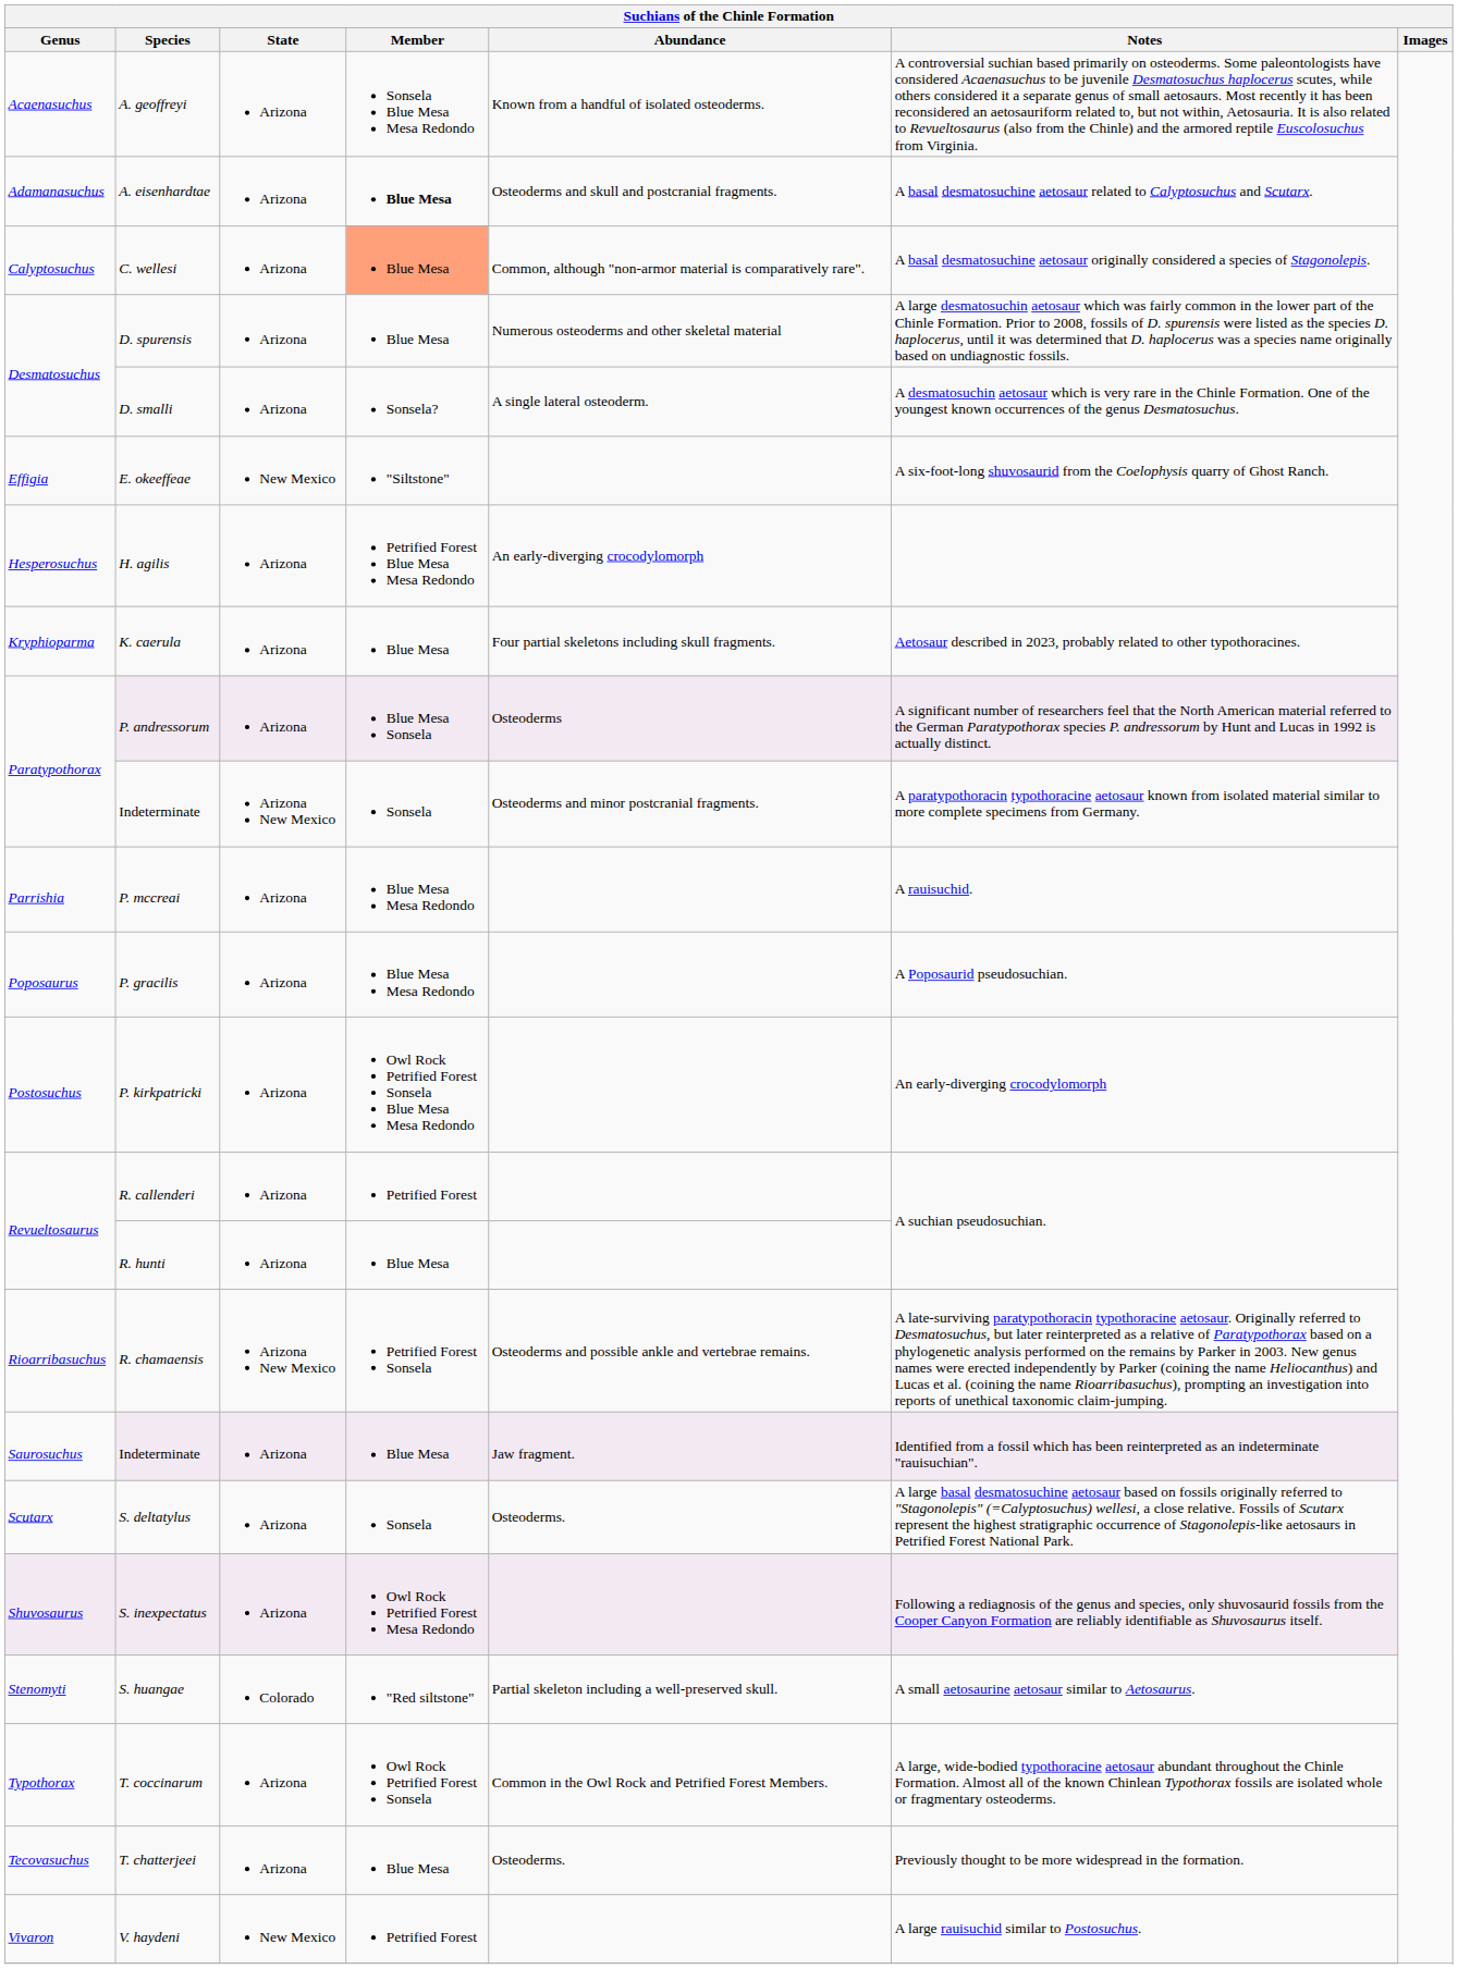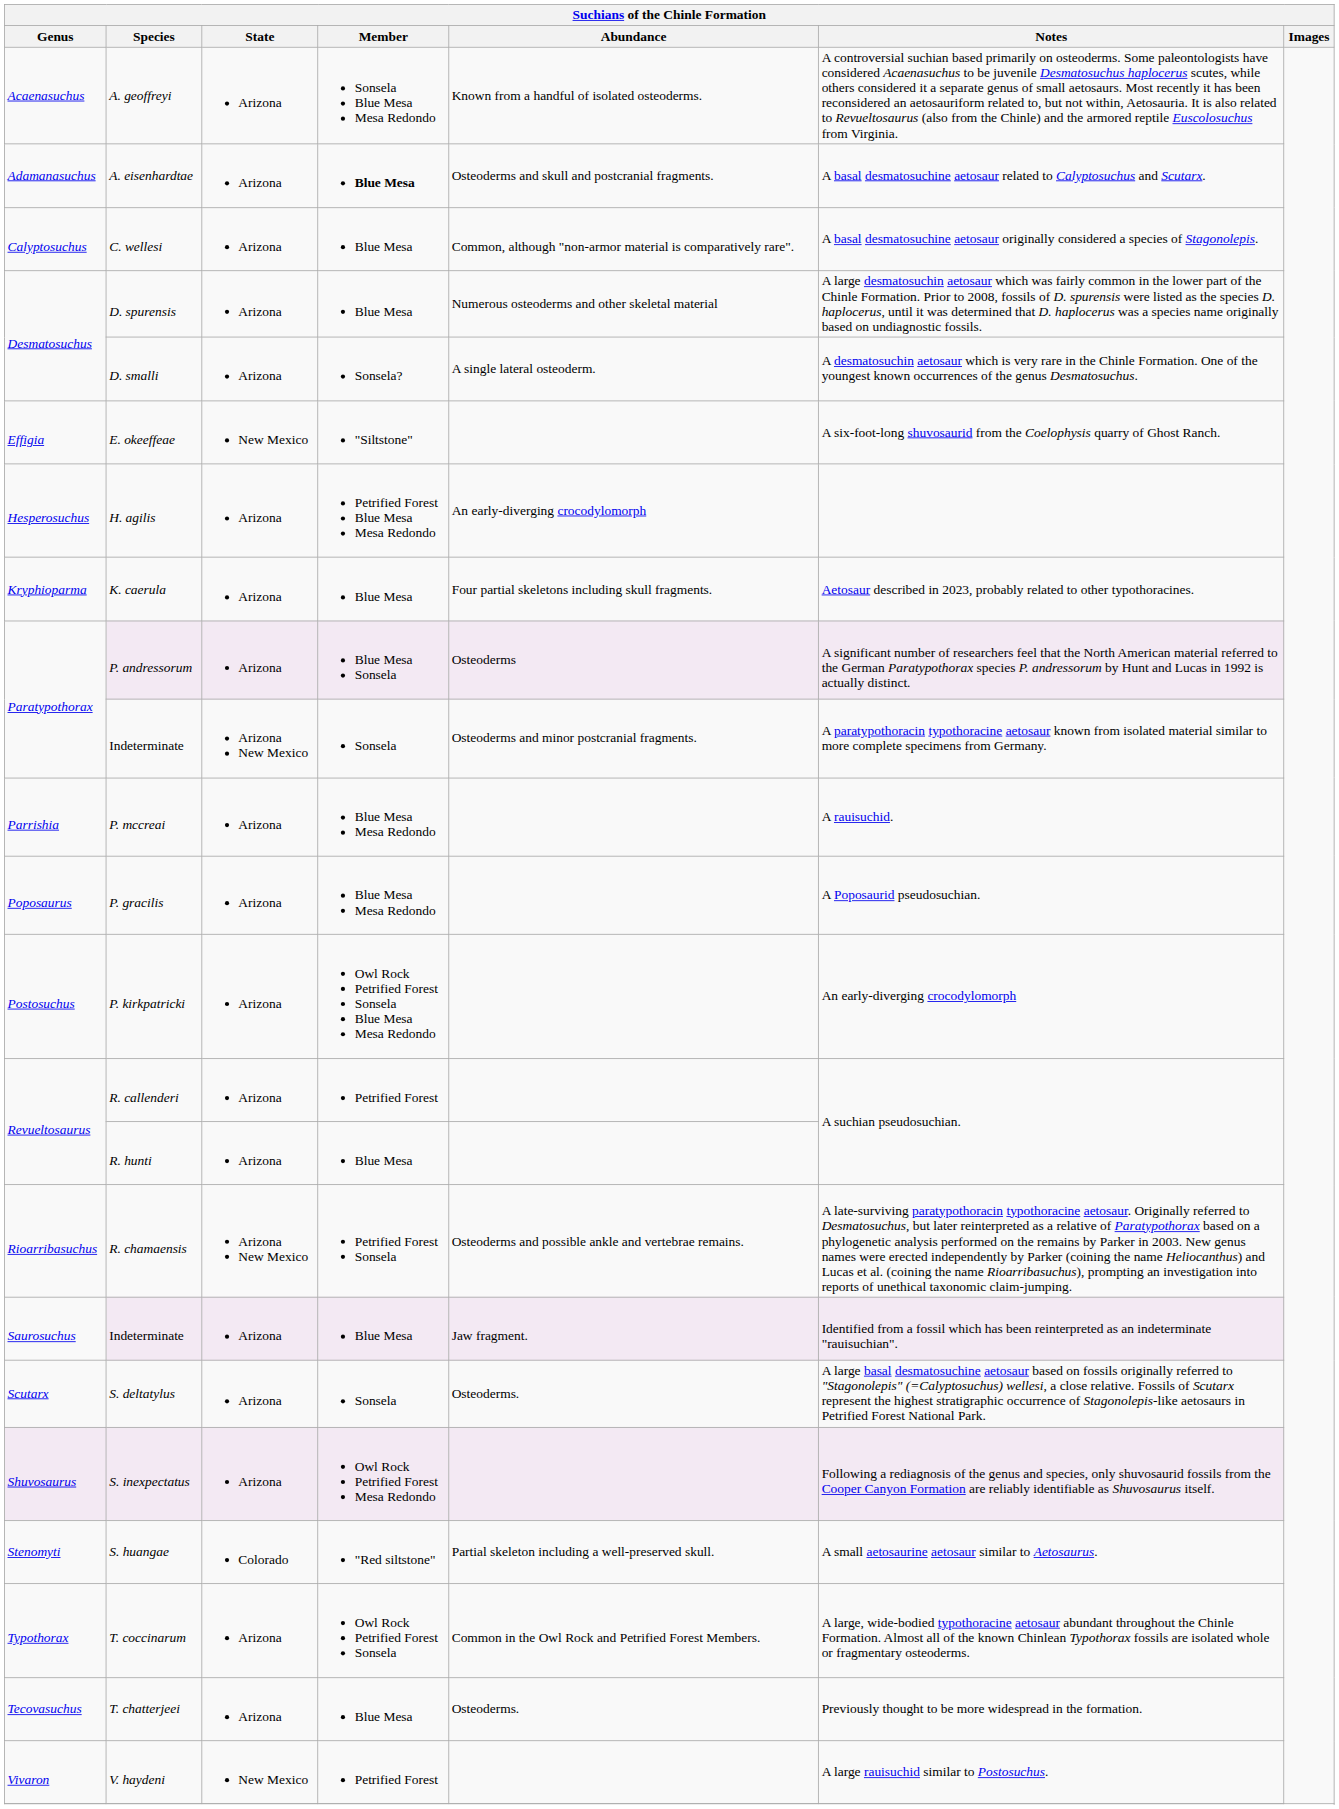 <table class="wikitable" align="center" width="100%">
 <tr>
 <th colspan="7" align="center"><strong><a href='#'>Suchians</a> of the Chinle Formation</strong></th>
 </tr>
 <tr>
 <th>Genus</th>
 <th>Species</th>
 <th>State</th>
 <th>Member</th>
 <th>Abundance</th>
 <th width="35%">Notes</th>
 <th>Images</th>
 </tr>
 <tr>
 <td><em><a href='#'>Acaenasuchus</a></em></td>
 <td><em>A. geoffreyi</em></td>
 <td><br><ul><li>Arizona</li></ul></td>
 <td><br><ul><li>Sonsela</li><li>Blue Mesa</li><li>Mesa Redondo</li></ul></td>
 <td>Known from a handful of isolated osteoderms.</td>
 <td>A controversial suchian based primarily on osteoderms. Some paleontologists have considered <em>Acaenasuchus</em> to be juvenile <em><a href='#'>Desmatosuchus haplocerus</a></em> scutes, while others considered it a separate genus of small aetosaurs. Most recently it has been reconsidered an aetosauriform related to, but not within, Aetosauria. It is also related to <em>Revueltosaurus</em> (also from the Chinle) and the armored reptile <em><a href='#'>Euscolosuchus</a></em> from Virginia.</td>
 <td rowspan="102"><br>      </td>
 </tr>
 <tr>
 <td><em><a href='#'>Adamanasuchus</a></em></td>
 <td><em>A. eisenhardtae</em></td>
 <td><br><ul><li>Arizona</li></ul></td>
 <td><strong><br><ul><li>Blue Mesa</li></ul></strong></td>
 <td>Osteoderms and skull and postcranial fragments.</td>
 <td>A <a href='#'>basal</a> <a href='#'>desmatosuchine</a> <a href='#'>aetosaur</a> related to <em><a href='#'>Calyptosuchus</a></em> and <em><a href='#'>Scutarx</a></em>.</td>
 </tr>
 <tr>
 <td><br><em><a href='#'>Calyptosuchus</a></em></td>
 <td><br><em>C. wellesi</em></td>
 <td><br><ul><li>Arizona</li></ul></td>
-<td style="background: lightsalmon;"><br><ul><li>Blue Mesa</li></ul></td>
+<td><br><ul><li>Blue Mesa</li></ul></td>
 <td><br>Common, although "non-armor material is comparatively rare".</td>
 <td>A <a href='#'>basal</a> <a href='#'>desmatosuchine</a> <a href='#'>aetosaur</a> originally considered a species of <em><a href='#'>Stagonolepis</a></em>.</td>
 </tr>
 <tr>
 <td rowspan="2"><br><em><a href='#'>Desmatosuchus</a></em></td>
 <td><br><em>D. spurensis</em></td>
 <td><br><ul><li>Arizona</li></ul></td>
 <td><br><ul><li>Blue Mesa</li></ul></td>
 <td>Numerous osteoderms and other skeletal material</td>
 <td>A large <a href='#'>desmatosuchin</a> <a href='#'>aetosaur</a> which was fairly common in the lower part of the Chinle Formation. Prior to 2008, fossils of <em>D. spurensis</em> were listed as the species <em>D. haplocerus</em>, until it was determined that <em>D. haplocerus</em> was a species name originally based on undiagnostic fossils.</td>
 </tr>
 <tr>
 <td><br><em>D. smalli</em></td>
 <td><br><ul><li>Arizona</li></ul></td>
 <td><br><ul><li>Sonsela?</li></ul></td>
 <td>A single lateral osteoderm.</td>
 <td>A <a href='#'>desmatosuchin</a> <a href='#'>aetosaur</a> which is very rare in the Chinle Formation. One of the youngest known occurrences of the genus <em>Desmatosuchus</em>.</td>
 </tr>
 <tr>
 <td><br><em><a href='#'>Effigia</a></em></td>
 <td><br><em>E. okeeffeae</em></td>
 <td><br><ul><li>New Mexico</li></ul></td>
 <td><br><ul><li>"Siltstone"</li></ul></td>
 <td></td>
 <td>A six-foot-long <a href='#'>shuvosaurid</a> from the <em>Coelophysis</em> quarry of Ghost Ranch.</td>
 </tr>
 <tr>
 <td><br><em><a href='#'>Hesperosuchus</a></em></td>
 <td><br><em>H. agilis</em></td>
 <td><br><ul><li>Arizona</li></ul></td>
 <td><br><ul><li>Petrified Forest</li><li>Blue Mesa</li><li>Mesa Redondo</li></ul></td>
 <td>An early-diverging <a href='#'>crocodylomorph</a></td>
 <td></td>
 </tr>
 <tr>
 <td><em><a href='#'>Kryphioparma</a></em></td>
 <td><em>K. caerula</em></td>
 <td><br><ul><li>Arizona</li></ul></td>
 <td><br><ul><li>Blue Mesa</li></ul></td>
 <td>Four partial skeletons including skull fragments.</td>
 <td><a href='#'>Aetosaur</a> described in 2023, probably related to other typothoracines.</td>
 </tr>
 <tr>
 <td rowspan="2"><br><em><a href='#'>Paratypothorax</a></em></td>
 <td style="background:#f3e9f3;"><br><em>P. andressorum</em></td>
 <td style="background:#f3e9f3;"><br><ul><li>Arizona</li></ul></td>
 <td style="background:#f3e9f3;"><br><ul><li>Blue Mesa</li><li>Sonsela</li></ul></td>
 <td style="background:#f3e9f3;">Osteoderms</td>
 <td style="background:#f3e9f3;"><br>A significant number of researchers feel that the North American material referred to the German <em>Paratypothorax</em> species <em>P. andressorum</em> by Hunt and Lucas in 1992 is actually distinct.</td>
 </tr>
 <tr>
 <td><br>Indeterminate</td>
 <td><br><ul><li>Arizona</li><li>New Mexico</li></ul></td>
 <td><br><ul><li>Sonsela</li></ul></td>
 <td>Osteoderms and minor postcranial fragments.</td>
 <td>A <a href='#'>paratypothoracin</a> <a href='#'>typothoracine</a> <a href='#'>aetosaur</a> known from isolated material similar to more complete specimens from Germany.</td>
 </tr>
 <tr>
 <td><br><em><a href='#'>Parrishia</a></em></td>
 <td><br><em>P. mccreai</em></td>
 <td><br><ul><li>Arizona</li></ul></td>
 <td><br><ul><li>Blue Mesa</li><li>Mesa Redondo</li></ul></td>
 <td></td>
 <td>A <a href='#'>rauisuchid</a>.</td>
 </tr>
 <tr>
 <td><br><em><a href='#'>Poposaurus</a></em></td>
 <td><br><em>P. gracilis</em></td>
 <td><br><ul><li>Arizona</li></ul></td>
 <td><br><ul><li>Blue Mesa</li><li>Mesa Redondo</li></ul></td>
 <td></td>
 <td>A <a href='#'>Poposaurid</a> pseudosuchian.</td>
 </tr>
 <tr>
 <td><br><em><a href='#'>Postosuchus</a></em></td>
 <td><br><em>P. kirkpatricki</em></td>
 <td><br><ul><li>Arizona</li></ul></td>
 <td><br><ul><li>Owl Rock</li><li>Petrified Forest</li><li>Sonsela</li><li>Blue Mesa</li><li>Mesa Redondo</li></ul></td>
 <td></td>
 <td>An early-diverging <a href='#'>crocodylomorph</a></td>
 </tr>
 <tr>
 <td rowspan="2"><br><em><a href='#'>Revueltosaurus</a></em></td>
 <td><br><em>R. callenderi</em></td>
 <td><br><ul><li>Arizona</li></ul></td>
 <td><br><ul><li>Petrified Forest</li></ul></td>
 <td></td>
 <td rowspan = 2>A suchian pseudosuchian.</td>
 </tr>
 <tr>
 <td><br><em>R. hunti</em></td>
 <td><br><ul><li>Arizona</li></ul></td>
 <td><br><ul><li>Blue Mesa</li></ul></td>
 <td></td>
 </tr>
 <tr>
 <td><br><em><a href='#'>Rioarribasuchus</a></em></td>
 <td><br><em>R. chamaensis</em></td>
 <td><br><ul><li>Arizona</li><li>New Mexico</li></ul></td>
 <td><br><ul><li>Petrified Forest</li><li>Sonsela</li></ul></td>
 <td>Osteoderms and possible ankle and vertebrae remains.</td>
 <td><br>A late-surviving <a href='#'>paratypothoracin</a> <a href='#'>typothoracine</a> <a href='#'>aetosaur</a>. Originally referred to <em>Desmatosuchus</em>, but later reinterpreted as a relative of <em><a href='#'>Paratypothorax</a></em> based on a phylogenetic analysis performed on the remains by Parker in 2003. New genus names were erected independently by Parker (coining the name <em>Heliocanthus</em>) and Lucas et al. (coining the name <em>Rioarribasuchus</em>), prompting an investigation into reports of unethical taxonomic claim-jumping.</td>
 </tr>
 <tr>
 <td><br><em><a href='#'>Saurosuchus</a></em></td>
 <td style="background:#f3e9f3;"><br>Indeterminate</td>
 <td style="background:#f3e9f3;"><br><ul><li>Arizona</li></ul></td>
 <td style="background:#f3e9f3;"><br><ul><li>Blue Mesa</li></ul></td>
 <td style="background:#f3e9f3;"><br>Jaw fragment.</td>
 <td style="background:#f3e9f3;"><br>Identified from a fossil which has been reinterpreted as an indeterminate "rauisuchian".</td>
 </tr>
 <tr>
 <td><em><a href='#'>Scutarx</a></em></td>
 <td><em>S. deltatylus</em></td>
 <td><br><ul><li>Arizona</li></ul></td>
 <td><br><ul><li>Sonsela</li></ul></td>
 <td>Osteoderms.</td>
 <td>A large <a href='#'>basal</a> <a href='#'>desmatosuchine</a> <a href='#'>aetosaur</a> based on fossils originally referred to <em>"Stagonolepis" (=Calyptosuchus) wellesi</em>, a close relative. Fossils of <em>Scutarx</em> represent the highest stratigraphic occurrence of <em>Stagonolepis</em>-like aetosaurs in Petrified Forest National Park.</td>
 </tr>
 <tr>
 <td style="background:#f3e9f3;"><br><em><a href='#'>Shuvosaurus</a></em></td>
 <td style="background:#f3e9f3;"><br><em>S. inexpectatus</em></td>
 <td style="background:#f3e9f3;"><br><ul><li>Arizona</li></ul></td>
 <td style="background:#f3e9f3;"><br><ul><li>Owl Rock</li><li>Petrified Forest</li><li>Mesa Redondo</li></ul></td>
 <td style="background:#f3e9f3;"></td>
 <td style="background:#f3e9f3;"><br>Following a rediagnosis of the genus and species, only shuvosaurid fossils from the <a href='#'>Cooper Canyon Formation</a> are reliably identifiable as <em>Shuvosaurus</em> itself.</td>
 </tr>
 <tr>
 <td><em><a href='#'>Stenomyti</a></em></td>
 <td><em>S. huangae</em></td>
 <td><br><ul><li>Colorado</li></ul></td>
 <td><br><ul><li>"Red siltstone"</li></ul></td>
 <td>Partial skeleton including a well-preserved skull.</td>
 <td>A small <a href='#'>aetosaurine</a> <a href='#'>aetosaur</a> similar to <em><a href='#'>Aetosaurus</a></em>.</td>
 </tr>
 <tr>
 <td><br><em><a href='#'>Typothorax</a></em></td>
 <td><br><em>T. coccinarum</em></td>
 <td><br><ul><li>Arizona</li></ul></td>
 <td><br><ul><li>Owl Rock</li><li>Petrified Forest</li><li>Sonsela</li></ul></td>
 <td><br>Common in the Owl Rock and Petrified Forest Members.</td>
 <td><br>A large, wide-bodied <a href='#'>typothoracine</a> <a href='#'>aetosaur</a> abundant throughout the Chinle Formation. Almost all of the known Chinlean <em>Typothorax</em> fossils are isolated whole or fragmentary osteoderms.</td>
 </tr>
 <tr>
 <td><em><a href='#'>Tecovasuchus</a></em></td>
 <td><em>T. chatterjeei</em></td>
 <td><br><ul><li>Arizona</li></ul></td>
 <td><br><ul><li>Blue Mesa</li></ul></td>
 <td>Osteoderms.</td>
 <td>Previously thought to be more widespread in the formation.</td>
 </tr>
 <tr>
 <td><br><em><a href='#'>Vivaron</a></em></td>
 <td><br><em>V. haydeni</em></td>
 <td><br><ul><li>New Mexico</li></ul></td>
 <td><br><ul><li>Petrified Forest</li></ul></td>
 <td></td>
 <td>A large <a href='#'>rauisuchid</a> similar to <em><a href='#'>Postosuchus</a></em>.</td>
 </tr>
 <tr>
 </tr>
 </table>
